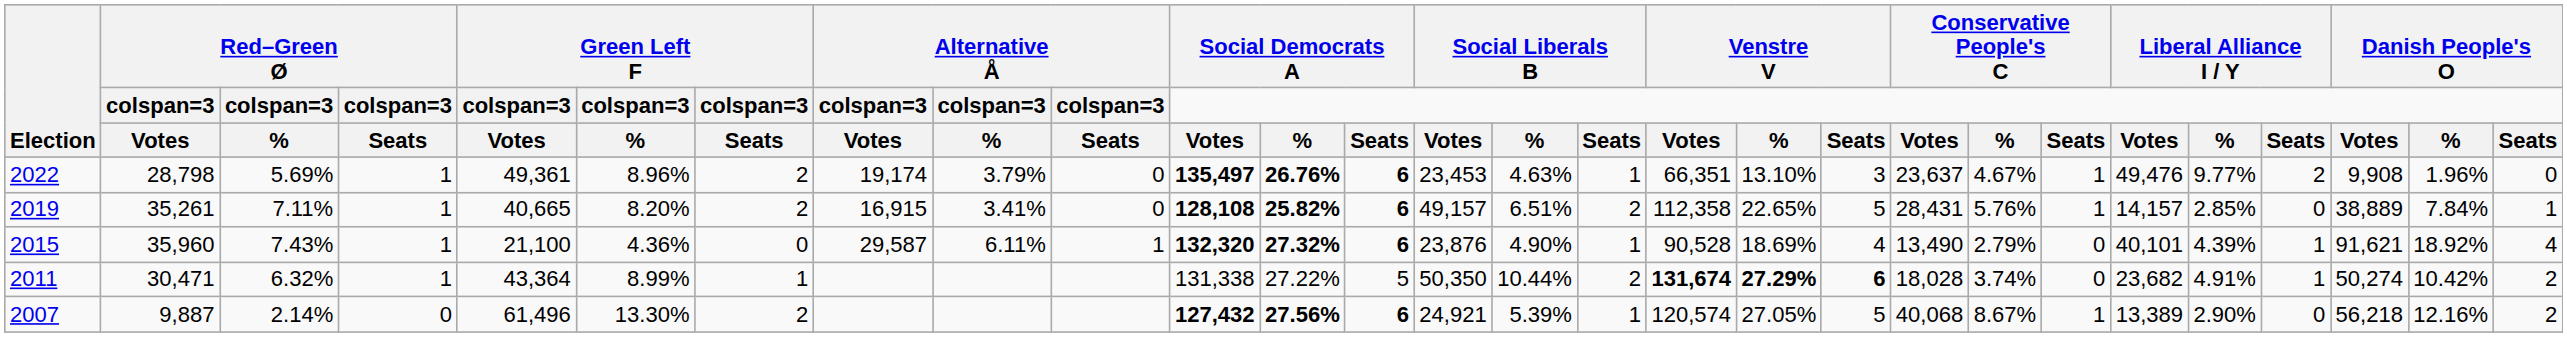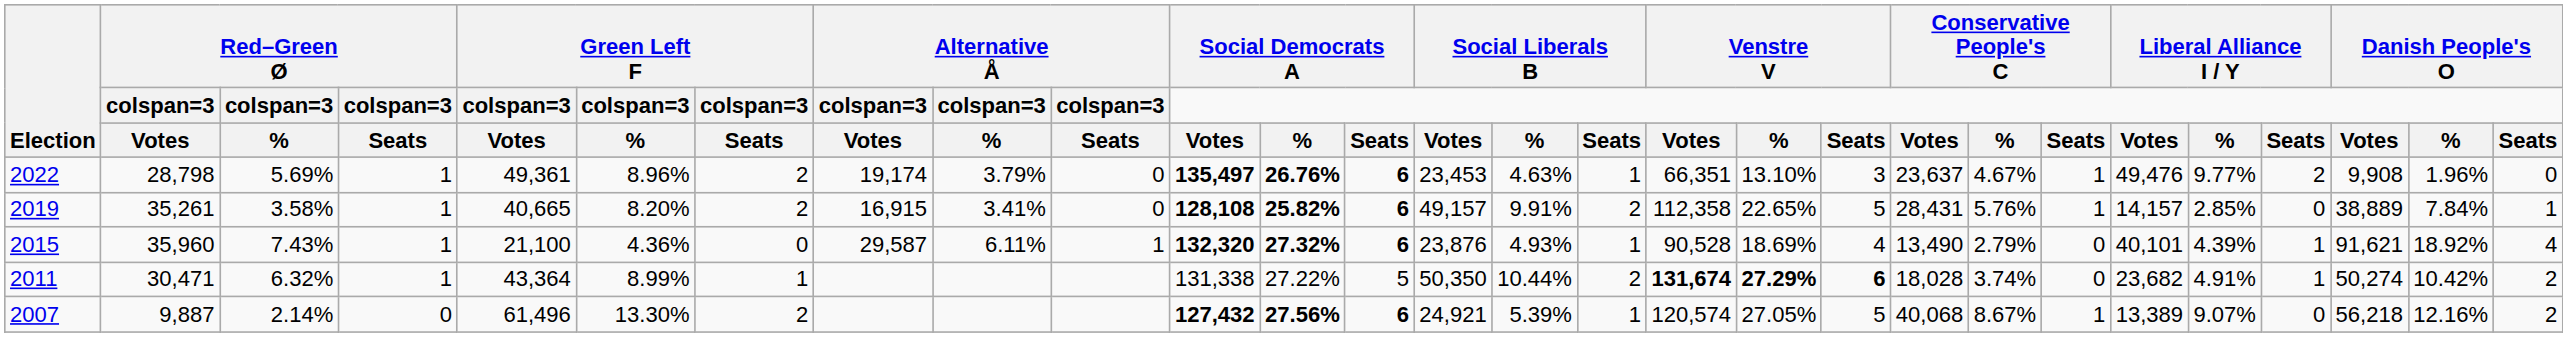 <table class="wikitable" border="1" style="font-size:85%; text-align:right;">
 <tr>
 <th style="text-align:left;" valign=bottom rowspan=3>Election</th>
 <th valign=bottom colspan=3><a href='#'>Red–Green</a><br>Ø</th>
 <th valign=bottom colspan=3><a href='#'>Green Left</a><br>F</th>
 <th valign=bottom colspan=3><a href='#'>Alternative</a><br>Å</th>
 <th valign=bottom colspan=3><a href='#'>Social Democrats</a><br>A</th>
 <th valign=bottom colspan=3><a href='#'>Social Liberals</a><br>B</th>
 <th valign=bottom colspan=3><a href='#'>Venstre</a><br>V</th>
 <th valign=bottom colspan=3><a href='#'>Conservative People's</a><br>C</th>
 <th valign=bottom colspan=3><a href='#'>Liberal Alliance</a><br>I / Y</th>
 <th valign=bottom colspan=3><a href='#'>Danish People's</a><br>O</th>
 </tr>
 <tr>
 <th>colspan=3 </th>
 <th>colspan=3 </th>
 <th>colspan=3 </th>
 <th>colspan=3 </th>
 <th>colspan=3 </th>
 <th>colspan=3 </th>
 <th>colspan=3 </th>
 <th>colspan=3 </th>
 <th>colspan=3 </th>
 </tr>
 <tr>
 <th>Votes</th>
 <th>%</th>
 <th>Seats</th>
 <th>Votes</th>
 <th>%</th>
 <th>Seats</th>
 <th>Votes</th>
 <th>%</th>
 <th>Seats</th>
 <th>Votes</th>
 <th>%</th>
 <th>Seats</th>
 <th>Votes</th>
 <th>%</th>
 <th>Seats</th>
 <th>Votes</th>
 <th>%</th>
 <th>Seats</th>
 <th>Votes</th>
 <th>%</th>
 <th>Seats</th>
 <th>Votes</th>
 <th>%</th>
 <th>Seats</th>
 <th>Votes</th>
 <th>%</th>
 <th>Seats</th>
 </tr>
 <tr>
 <td align=left><a href='#'>2022</a></td>
 <td>28,798</td>
 <td>5.69%</td>
 <td>1</td>
 <td>49,361</td>
 <td>8.96%</td>
 <td>2</td>
 <td>19,174</td>
 <td>3.79%</td>
 <td>0</td>
 <td><strong>135,497</strong></td>
 <td><strong>26.76%</strong></td>
 <td><strong>6</strong></td>
 <td>23,453</td>
 <td>4.63%</td>
 <td>1</td>
 <td>66,351</td>
 <td>13.10%</td>
 <td>3</td>
 <td>23,637</td>
 <td>4.67%</td>
 <td>1</td>
 <td>49,476</td>
 <td>9.77%</td>
 <td>2</td>
 <td>9,908</td>
 <td>1.96%</td>
 <td>0</td>
 </tr>
 <tr>
 <td align=left><a href='#'>2019</a></td>
 <td>35,261</td>
-<td>7.11%</td>
+<td>3.58%</td>
 <td>1</td>
 <td>40,665</td>
 <td>8.20%</td>
 <td>2</td>
 <td>16,915</td>
 <td>3.41%</td>
 <td>0</td>
 <td><strong>128,108</strong></td>
 <td><strong>25.82%</strong></td>
 <td><strong>6</strong></td>
 <td>49,157</td>
-<td>6.51%</td>
+<td>9.91%</td>
 <td>2</td>
 <td>112,358</td>
 <td>22.65%</td>
 <td>5</td>
 <td>28,431</td>
 <td>5.76%</td>
 <td>1</td>
 <td>14,157</td>
 <td>2.85%</td>
 <td>0</td>
 <td>38,889</td>
 <td>7.84%</td>
 <td>1</td>
 </tr>
 <tr>
 <td align=left><a href='#'>2015</a></td>
 <td>35,960</td>
 <td>7.43%</td>
 <td>1</td>
 <td>21,100</td>
 <td>4.36%</td>
 <td>0</td>
 <td>29,587</td>
 <td>6.11%</td>
 <td>1</td>
 <td><strong>132,320</strong></td>
 <td><strong>27.32%</strong></td>
 <td><strong>6</strong></td>
 <td>23,876</td>
-<td>4.90%</td>
+<td>4.93%</td>
 <td>1</td>
 <td>90,528</td>
 <td>18.69%</td>
 <td>4</td>
 <td>13,490</td>
 <td>2.79%</td>
 <td>0</td>
 <td>40,101</td>
 <td>4.39%</td>
 <td>1</td>
 <td>91,621</td>
 <td>18.92%</td>
 <td>4</td>
 </tr>
 <tr>
 <td align=left><a href='#'>2011</a></td>
 <td>30,471</td>
 <td>6.32%</td>
 <td>1</td>
 <td>43,364</td>
 <td>8.99%</td>
 <td>1</td>
 <td></td>
 <td></td>
 <td></td>
 <td>131,338</td>
 <td>27.22%</td>
 <td>5</td>
 <td>50,350</td>
 <td>10.44%</td>
 <td>2</td>
 <td><strong>131,674</strong></td>
 <td><strong>27.29%</strong></td>
 <td><strong>6</strong></td>
 <td>18,028</td>
 <td>3.74%</td>
 <td>0</td>
 <td>23,682</td>
 <td>4.91%</td>
 <td>1</td>
 <td>50,274</td>
 <td>10.42%</td>
 <td>2</td>
 </tr>
 <tr>
 <td align=left><a href='#'>2007</a></td>
 <td>9,887</td>
 <td>2.14%</td>
 <td>0</td>
 <td>61,496</td>
 <td>13.30%</td>
 <td>2</td>
 <td></td>
 <td></td>
 <td></td>
 <td><strong>127,432</strong></td>
 <td><strong>27.56%</strong></td>
 <td><strong>6</strong></td>
 <td>24,921</td>
 <td>5.39%</td>
 <td>1</td>
 <td>120,574</td>
 <td>27.05%</td>
 <td>5</td>
 <td>40,068</td>
 <td>8.67%</td>
 <td>1</td>
 <td>13,389</td>
-<td>2.90%</td>
+<td>9.07%</td>
 <td>0</td>
 <td>56,218</td>
 <td>12.16%</td>
 <td>2</td>
 </tr>
 </table>
